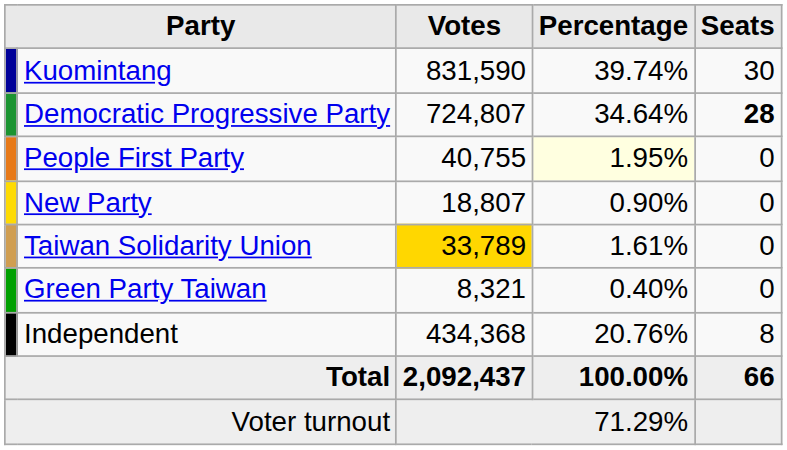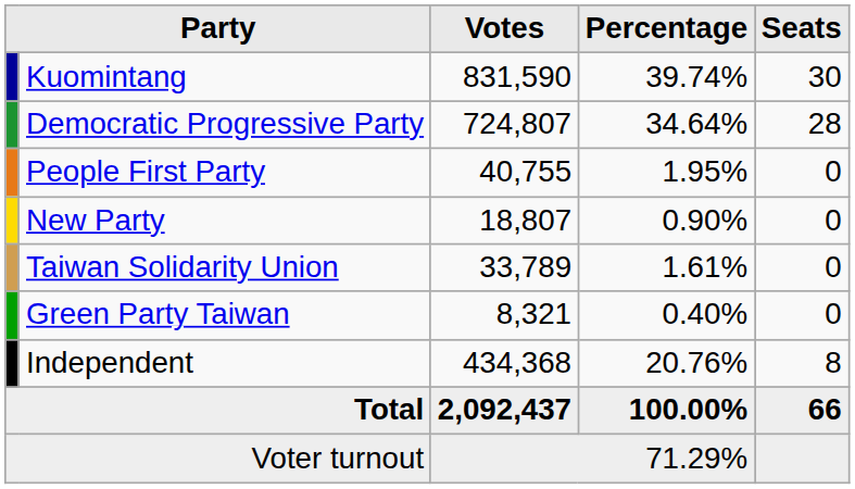 <table class="wikitable">
 <tr>
 <th style="background-color:#E9E9E9" colspan=2 style="width: 20em">Party</th>
 <th style="background-color:#E9E9E9" style="width: 7em">Votes</th>
 <th style="background-color:#E9E9E9" style="width: 7em">Percentage</th>
 <th style="background-color:#E9E9E9" style="width: 7em">Seats</th>
 </tr>
 <tr>
 <td bgcolor="#000099"></td>
 <td align=left><a href='#'>Kuomintang</a></td>
 <td align=right>831,590</td>
 <td align=right>39.74%</td>
 <td align=right>30</td>
 </tr>
 <tr>
 <td bgcolor="#1B9431"></td>
 <td align=left><a href='#'>Democratic Progressive Party</a></td>
 <td align=right>724,807</td>
 <td align=right>34.64%</td>
-<td align=right><strong>28</strong></td>
+<td align=right>28</td>
 </tr>
 <tr>
 <td bgcolor="#e77918"></td>
 <td align=left><a href='#'>People First Party</a></td>
 <td align=right>40,755</td>
-<td align=right style="background: lightyellow;">1.95%</td>
+<td align=right>1.95%</td>
 <td align=right>0</td>
 </tr>
 <tr>
 <td bgcolor="#fedb02"></td>
 <td align=left><a href='#'>New Party</a></td>
 <td align=right>18,807</td>
 <td align=right>0.90%</td>
 <td align=right>0</td>
 </tr>
 <tr>
 <td bgcolor="#d09e51"></td>
 <td align=left><a href='#'>Taiwan Solidarity Union</a></td>
-<td align=right style="background: gold;">33,789</td>
+<td align=right>33,789</td>
 <td align=right>1.61%</td>
 <td align=right>0</td>
 </tr>
 <tr>
 <td bgcolor="#00a000"></td>
 <td align=left><a href='#'>Green Party Taiwan</a></td>
 <td align=right>8,321</td>
 <td align=right>0.40%</td>
 <td align=right>0</td>
 </tr>
 <tr>
 <td bgcolor="#000000"></td>
 <td align=left>Independent</td>
 <td align=right>434,368</td>
 <td align=right>20.76%</td>
 <td align=right>8</td>
 </tr>
 <tr bgcolor="#EEEEEE">
 <td colspan="2" align="right"><strong>Total</strong></td>
 <td align=right><strong>2,092,437</strong></td>
 <td align=right><strong>100.00%</strong></td>
 <td align=right><strong>66</strong></td>
 </tr>
 <tr bgcolor="#EEEEEE">
 <td colspan="2" align="right">Voter turnout</td>
 <td colspan="2" align="right">71.29%</td>
 <td></td>
 </tr>
 </table>
